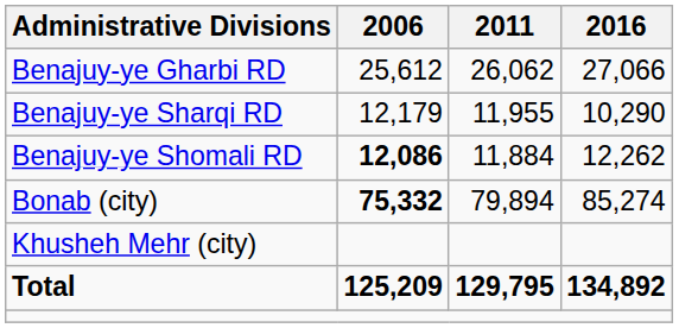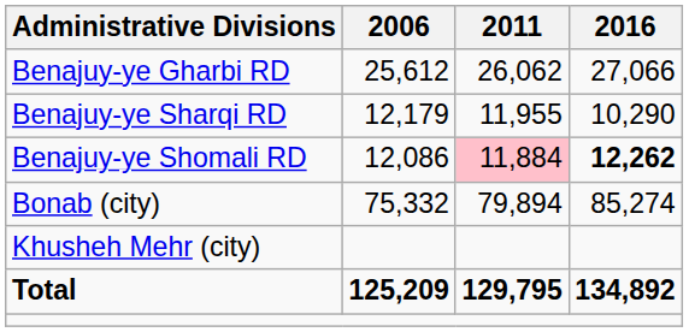 <table class="wikitable">
 <tr>
 <th>Administrative Divisions</th>
 <th>2006</th>
 <th>2011</th>
 <th>2016</th>
 </tr>
 <tr>
 <td><a href='#'>Benajuy-ye Gharbi RD</a></td>
 <td style="text-align: right;">25,612</td>
 <td style="text-align: right;">26,062</td>
 <td style="text-align: right;">27,066</td>
 </tr>
 <tr>
 <td><a href='#'>Benajuy-ye Sharqi RD</a></td>
 <td style="text-align: right;">12,179</td>
 <td style="text-align: right;">11,955</td>
 <td style="text-align: right;">10,290</td>
 </tr>
 <tr>
 <td><a href='#'>Benajuy-ye Shomali RD</a></td>
-<td style="text-align: right;"><strong>12,086</strong></td>
-<td style="text-align: right;">11,884</td>
-<td style="text-align: right;">12,262</td>
+<td style="text-align: right;">12,086</td>
+<td style="background: pink; text-align: right;">11,884</td>
+<td style="text-align: right;"><strong>12,262</strong></td>
 </tr>
 <tr>
 <td><a href='#'>Bonab</a> (city)</td>
-<td style="text-align: right;"><strong>75,332</strong></td>
+<td style="text-align: right;">75,332</td>
 <td style="text-align: right;">79,894</td>
 <td style="text-align: right;">85,274</td>
 </tr>
 <tr>
 <td><a href='#'>Khusheh Mehr</a> (city)</td>
 <td style="text-align: right;"></td>
 <td style="text-align: right;"></td>
 <td style="text-align: right;"></td>
 </tr>
 <tr>
 <td><strong>Total</strong></td>
 <td style="text-align: right;"><strong>125,209</strong></td>
 <td style="text-align: right;"><strong>129,795</strong></td>
 <td style="text-align: right;"><strong>134,892</strong></td>
 </tr>
 <tr>
 <td colspan=4></td>
 </tr>
 </table>
